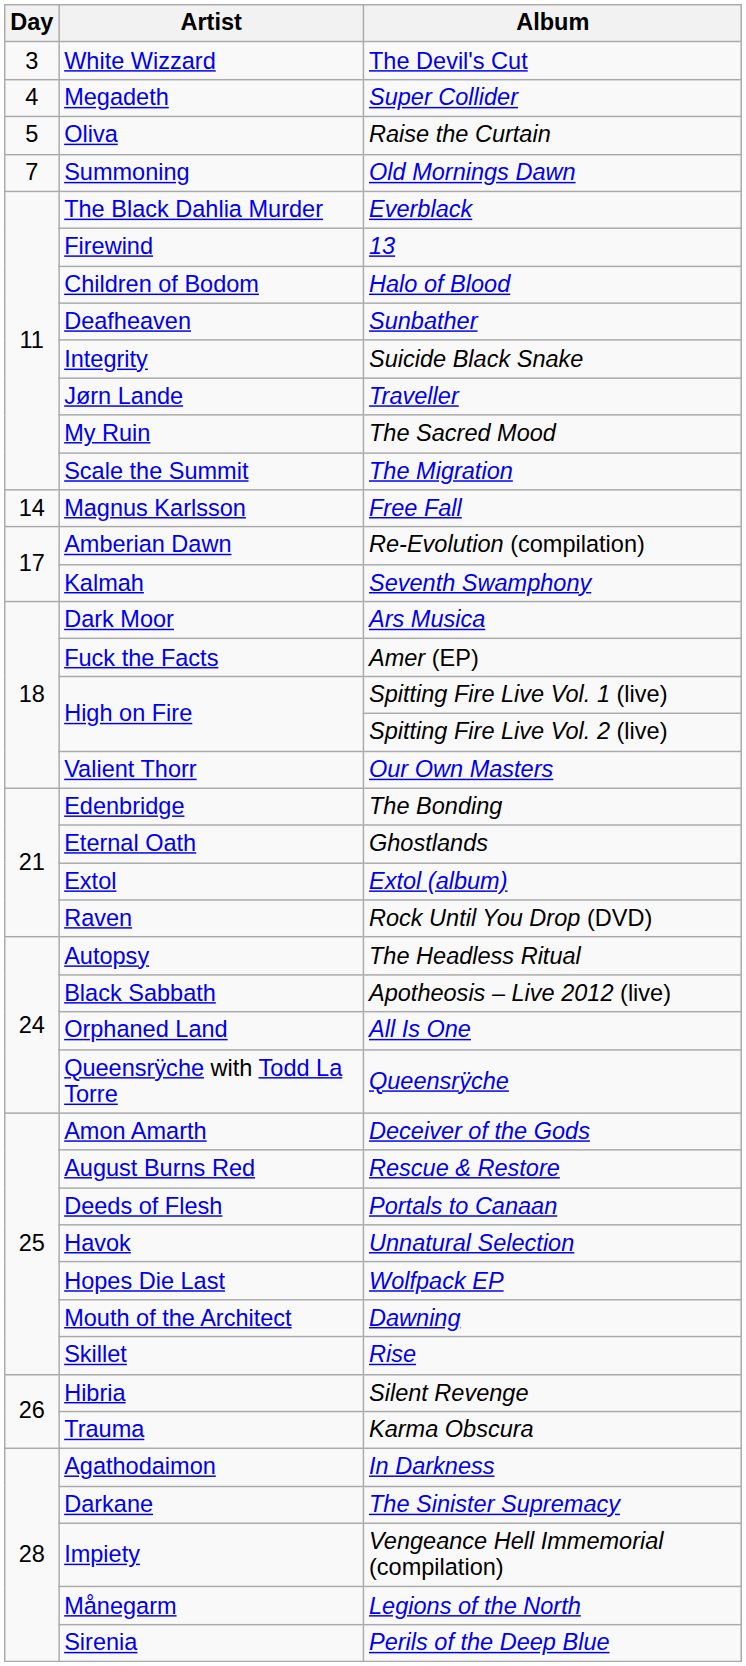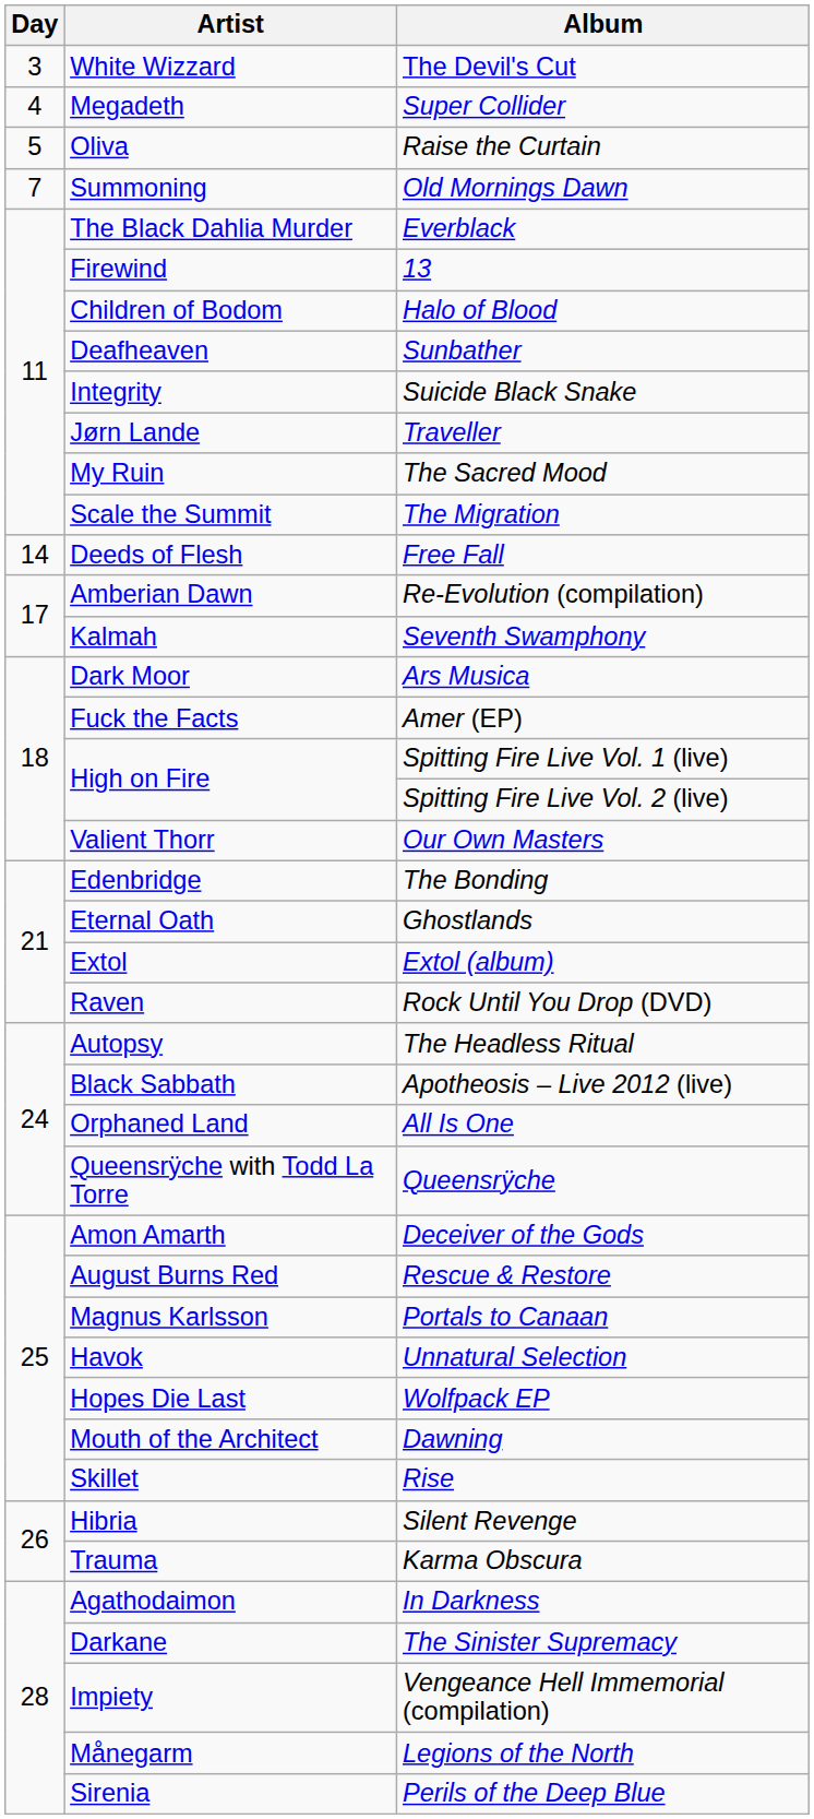 <table class="wikitable">
 <tr>
 <th style="width:20px;">Day</th>
 <th style="width:200px;">Artist</th>
 <th style="width:250px;">Album</th>
 </tr>
 <tr>
 <td style="text-align:center;">3</td>
 <td><a href='#'>White Wizzard</a></td>
 <td><a href='#'>The Devil's Cut</a></td>
 </tr>
 <tr>
 <td style="text-align:center;">4</td>
 <td><a href='#'>Megadeth</a></td>
 <td><em><a href='#'>Super Collider</a></em></td>
 </tr>
 <tr>
 <td style="text-align:center;">5</td>
 <td><a href='#'>Oliva</a></td>
 <td><em>Raise the Curtain</em></td>
 </tr>
 <tr>
 <td style="text-align:center;">7</td>
 <td><a href='#'>Summoning</a></td>
 <td><em><a href='#'>Old Mornings Dawn</a></em></td>
 </tr>
 <tr>
 <td style="text-align:center;" rowspan="8">11</td>
 <td><a href='#'>The Black Dahlia Murder</a></td>
 <td><em><a href='#'>Everblack</a></em></td>
 </tr>
 <tr>
 <td><a href='#'>Firewind</a></td>
 <td><em><a href='#'>13</a></em></td>
 </tr>
 <tr>
 <td><a href='#'>Children of Bodom</a></td>
 <td><em><a href='#'>Halo of Blood</a></em></td>
 </tr>
 <tr>
 <td><a href='#'>Deafheaven</a></td>
 <td><em><a href='#'>Sunbather</a></em></td>
 </tr>
 <tr>
 <td><a href='#'>Integrity</a></td>
 <td><em>Suicide Black Snake</em></td>
 </tr>
 <tr>
 <td><a href='#'>Jørn Lande</a></td>
 <td><em><a href='#'>Traveller</a></em></td>
 </tr>
 <tr>
 <td><a href='#'>My Ruin</a></td>
 <td><em>The Sacred Mood</em></td>
 </tr>
 <tr>
 <td><a href='#'>Scale the Summit</a></td>
 <td><em><a href='#'>The Migration</a></em></td>
 </tr>
 <tr>
 <td style="text-align:center;">14</td>
-<td><a href='#'>Magnus Karlsson</a></td>
+<td><a href='#'>Deeds of Flesh</a></td>
 <td><em><a href='#'>Free Fall</a></em></td>
 </tr>
 <tr>
 <td style="text-align:center;" rowspan="2">17</td>
 <td><a href='#'>Amberian Dawn</a></td>
 <td><em>Re-Evolution</em> (compilation)</td>
 </tr>
 <tr>
 <td><a href='#'>Kalmah</a></td>
 <td><em><a href='#'>Seventh Swamphony</a></em></td>
 </tr>
 <tr>
 <td style="text-align:center;" rowspan="5">18</td>
 <td><a href='#'>Dark Moor</a></td>
 <td><em><a href='#'>Ars Musica</a></em></td>
 </tr>
 <tr>
 <td><a href='#'>Fuck the Facts</a></td>
 <td><em>Amer</em> (EP)</td>
 </tr>
 <tr>
 <td rowspan="2"><a href='#'>High on Fire</a></td>
 <td><em>Spitting Fire Live Vol. 1</em> (live)</td>
 </tr>
 <tr>
 <td><em>Spitting Fire Live Vol. 2</em> (live)</td>
 </tr>
 <tr>
 <td><a href='#'>Valient Thorr</a></td>
 <td><em><a href='#'>Our Own Masters</a></em></td>
 </tr>
 <tr>
 <td style="text-align:center;" rowspan="4">21</td>
 <td><a href='#'>Edenbridge</a></td>
 <td><em>The Bonding</em></td>
 </tr>
 <tr>
 <td><a href='#'>Eternal Oath</a></td>
 <td><em>Ghostlands</em></td>
 </tr>
 <tr>
 <td><a href='#'>Extol</a></td>
 <td><em><a href='#'>Extol (album)</a></em></td>
 </tr>
 <tr>
 <td><a href='#'>Raven</a></td>
 <td><em>Rock Until You Drop</em> (DVD)</td>
 </tr>
 <tr>
 <td style="text-align:center;" rowspan="4">24</td>
 <td><a href='#'>Autopsy</a></td>
 <td><em>The Headless Ritual</em></td>
 </tr>
 <tr>
 <td><a href='#'>Black Sabbath</a></td>
 <td><em>Apotheosis – Live 2012</em> (live)</td>
 </tr>
 <tr>
 <td><a href='#'>Orphaned Land</a></td>
 <td><em><a href='#'>All Is One</a></em></td>
 </tr>
 <tr>
 <td><a href='#'>Queensrÿche</a> with <a href='#'>Todd La Torre</a></td>
 <td><em><a href='#'>Queensrÿche</a></em></td>
 </tr>
 <tr>
 <td style="text-align:center;" rowspan="7">25</td>
 <td><a href='#'>Amon Amarth</a></td>
 <td><em><a href='#'>Deceiver of the Gods</a></em></td>
 </tr>
 <tr>
 <td><a href='#'>August Burns Red</a></td>
 <td><em><a href='#'>Rescue & Restore</a></em></td>
 </tr>
 <tr>
-<td><a href='#'>Deeds of Flesh</a></td>
+<td><a href='#'>Magnus Karlsson</a></td>
 <td><em><a href='#'>Portals to Canaan</a></em></td>
 </tr>
 <tr>
 <td><a href='#'>Havok</a></td>
 <td><em><a href='#'>Unnatural Selection</a></em></td>
 </tr>
 <tr>
 <td><a href='#'>Hopes Die Last</a></td>
 <td><em><a href='#'>Wolfpack EP</a></em></td>
 </tr>
 <tr>
 <td><a href='#'>Mouth of the Architect</a></td>
 <td><em><a href='#'>Dawning</a></em></td>
 </tr>
 <tr>
 <td><a href='#'>Skillet</a></td>
 <td><em><a href='#'>Rise</a></em></td>
 </tr>
 <tr>
 <td style="text-align:center;" rowspan="2">26</td>
 <td><a href='#'>Hibria</a></td>
 <td><em>Silent Revenge</em></td>
 </tr>
 <tr>
 <td><a href='#'>Trauma</a></td>
 <td><em>Karma Obscura</em></td>
 </tr>
 <tr>
 <td style="text-align:center;" rowspan="5">28</td>
 <td><a href='#'>Agathodaimon</a></td>
 <td><em><a href='#'>In Darkness</a></em></td>
 </tr>
 <tr>
 <td><a href='#'>Darkane</a></td>
 <td><em><a href='#'>The Sinister Supremacy</a></em></td>
 </tr>
 <tr>
 <td><a href='#'>Impiety</a></td>
 <td><em>Vengeance Hell Immemorial</em> (compilation)</td>
 </tr>
 <tr>
 <td><a href='#'>Månegarm</a></td>
 <td><em><a href='#'>Legions of the North</a></em></td>
 </tr>
 <tr>
 <td><a href='#'>Sirenia</a></td>
 <td><em><a href='#'>Perils of the Deep Blue</a></em></td>
 </tr>
 </table>
